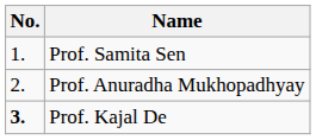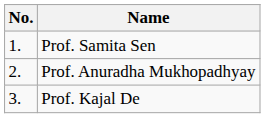 <table class="wikitable mw-collapsible mw-collapsed">
 <tr>
 <th scope="col">No.</th>
 <th scope="col">Name</th>
 </tr>
 <tr>
 <td>1.</td>
 <td>Prof. Samita Sen</td>
 </tr>
 <tr>
 <td>2.</td>
 <td>Prof. Anuradha Mukhopadhyay</td>
 </tr>
 <tr>
-<td><strong>3.</strong></td>
+<td>3.</td>
 <td>Prof. Kajal De</td>
 </tr>
 </table>
